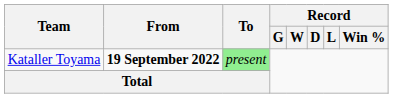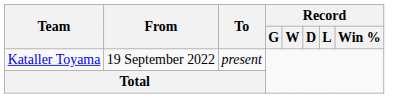 <table class="wikitable" style="text-align: center">
 <tr>
 <th rowspan="2">Team</th>
 <th rowspan="2">From</th>
 <th rowspan="2">To</th>
 <th colspan="5">Record</th>
 </tr>
 <tr>
 <th>G</th>
 <th>W</th>
 <th>D</th>
 <th>L</th>
 <th>Win %</th>
 </tr>
 <tr>
 <td align="left"><a href='#'>Kataller Toyama</a></td>
-<td align="left"><strong>19 September 2022</strong></td>
-<td align="left" style="background: lightgreen;"><em>present</em><br></td>
+<td align="left">19 September 2022</td>
+<td align="left"><em>present</em><br></td>
 </tr>
 <tr>
 <th colspan="3">Total<br></th>
 </tr>
 </table>
